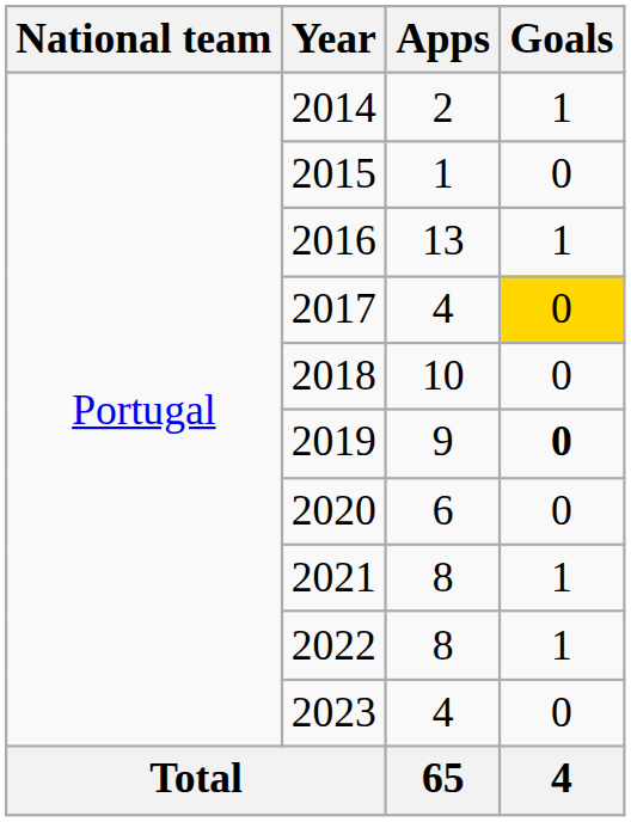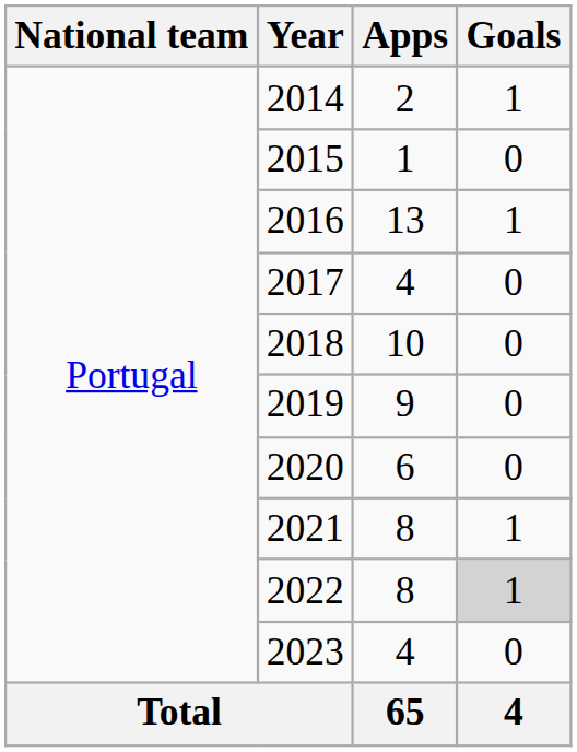 <table class="wikitable" style="text-align:center">
 <tr>
 <th>National team</th>
 <th>Year</th>
 <th>Apps</th>
 <th>Goals</th>
 </tr>
 <tr>
 <td rowspan="10"><a href='#'>Portugal</a></td>
 <td>2014</td>
 <td>2</td>
 <td>1</td>
 </tr>
 <tr>
 <td>2015</td>
 <td>1</td>
 <td>0</td>
 </tr>
 <tr>
 <td>2016</td>
 <td>13</td>
 <td>1</td>
 </tr>
 <tr>
 <td>2017</td>
 <td>4</td>
-<td style="background: gold;">0</td>
+<td>0</td>
 </tr>
 <tr>
 <td>2018</td>
 <td>10</td>
 <td>0</td>
 </tr>
 <tr>
 <td>2019</td>
 <td>9</td>
-<td><strong>0</strong></td>
+<td>0</td>
 </tr>
 <tr>
 <td>2020</td>
 <td>6</td>
 <td>0</td>
 </tr>
 <tr>
 <td>2021</td>
 <td>8</td>
 <td>1</td>
 </tr>
 <tr>
 <td>2022</td>
 <td>8</td>
-<td>1</td>
+<td style="background: lightgrey;">1</td>
 </tr>
 <tr>
 <td>2023</td>
 <td>4</td>
 <td>0</td>
 </tr>
 <tr>
 <th colspan="2">Total</th>
 <th>65</th>
 <th>4</th>
 </tr>
 </table>
